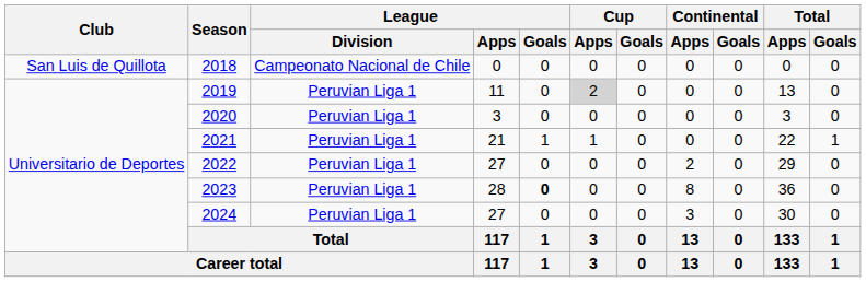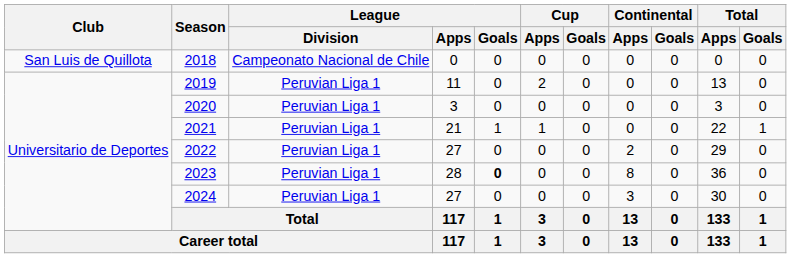 <table class="wikitable" style="text-align:center">
 <tr>
 <th rowspan="2">Club</th>
 <th rowspan="2">Season</th>
 <th colspan="3">League</th>
 <th colspan="2">Cup</th>
 <th colspan="2">Continental</th>
 <th colspan="2">Total</th>
 </tr>
 <tr>
 <th>Division</th>
 <th>Apps</th>
 <th>Goals</th>
 <th>Apps</th>
 <th>Goals</th>
 <th>Apps</th>
 <th>Goals</th>
 <th>Apps</th>
 <th>Goals</th>
 </tr>
 <tr>
 <td><a href='#'>San Luis de Quillota</a></td>
 <td><a href='#'>2018</a></td>
 <td><a href='#'>Campeonato Nacional de Chile</a></td>
 <td>0</td>
 <td>0</td>
 <td>0</td>
 <td>0</td>
 <td>0</td>
 <td>0</td>
 <td>0</td>
 <td>0</td>
 </tr>
 <tr>
 <td rowspan="7"><a href='#'>Universitario de Deportes</a></td>
 <td><a href='#'>2019</a></td>
 <td><a href='#'>Peruvian Liga 1</a></td>
 <td>11</td>
 <td>0</td>
-<td style="background: lightgrey;">2</td>
+<td>2</td>
 <td>0</td>
 <td>0</td>
 <td>0</td>
 <td>13</td>
 <td>0</td>
 </tr>
 <tr>
 <td><a href='#'>2020</a></td>
 <td><a href='#'>Peruvian Liga 1</a></td>
 <td>3</td>
 <td>0</td>
 <td>0</td>
 <td>0</td>
 <td>0</td>
 <td>0</td>
 <td>3</td>
 <td>0</td>
 </tr>
 <tr>
 <td><a href='#'>2021</a></td>
 <td><a href='#'>Peruvian Liga 1</a></td>
 <td>21</td>
 <td>1</td>
 <td>1</td>
 <td>0</td>
 <td>0</td>
 <td>0</td>
 <td>22</td>
 <td>1</td>
 </tr>
 <tr>
 <td><a href='#'>2022</a></td>
 <td><a href='#'>Peruvian Liga 1</a></td>
 <td>27</td>
 <td>0</td>
 <td>0</td>
 <td>0</td>
 <td>2</td>
 <td>0</td>
 <td>29</td>
 <td>0</td>
 </tr>
 <tr>
 <td><a href='#'>2023</a></td>
 <td><a href='#'>Peruvian Liga 1</a></td>
 <td>28</td>
 <td><strong>0</strong></td>
 <td>0</td>
 <td>0</td>
 <td>8</td>
 <td>0</td>
 <td>36</td>
 <td>0</td>
 </tr>
 <tr>
 <td><a href='#'>2024</a></td>
 <td><a href='#'>Peruvian Liga 1</a></td>
 <td>27</td>
 <td>0</td>
 <td>0</td>
 <td>0</td>
 <td>3</td>
 <td>0</td>
 <td>30</td>
 <td>0</td>
 </tr>
 <tr>
 <th colspan="2">Total</th>
 <th>117</th>
 <th>1</th>
 <th>3</th>
 <th>0</th>
 <th>13</th>
 <th>0</th>
 <th>133</th>
 <th>1</th>
 </tr>
 <tr>
 <th colspan="3">Career total</th>
 <th>117</th>
 <th>1</th>
 <th>3</th>
 <th>0</th>
 <th>13</th>
 <th>0</th>
 <th>133</th>
 <th>1</th>
 </tr>
 </table>
